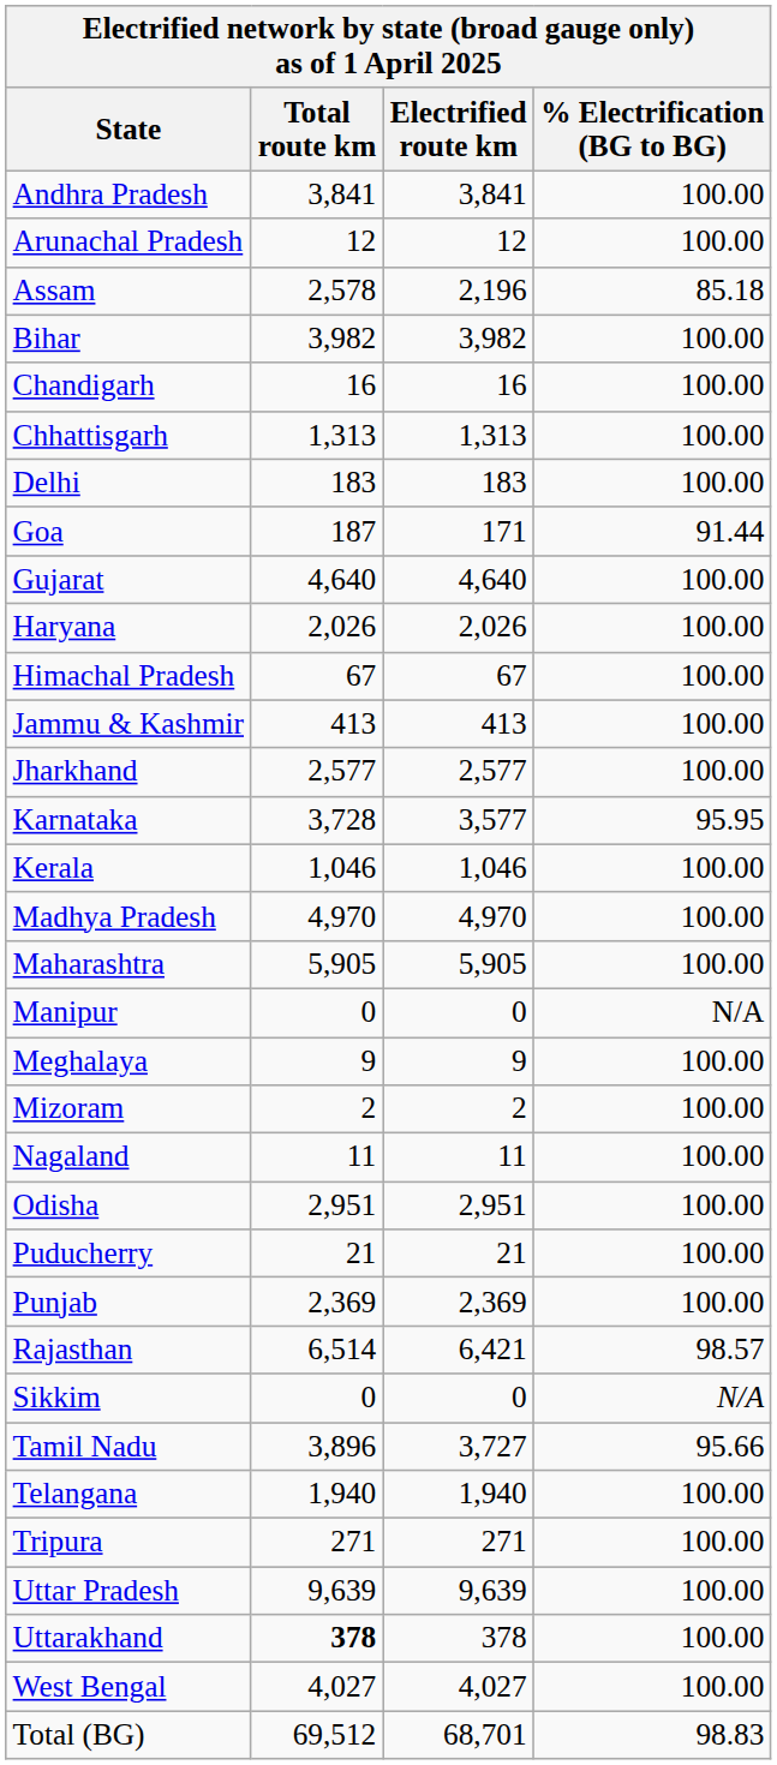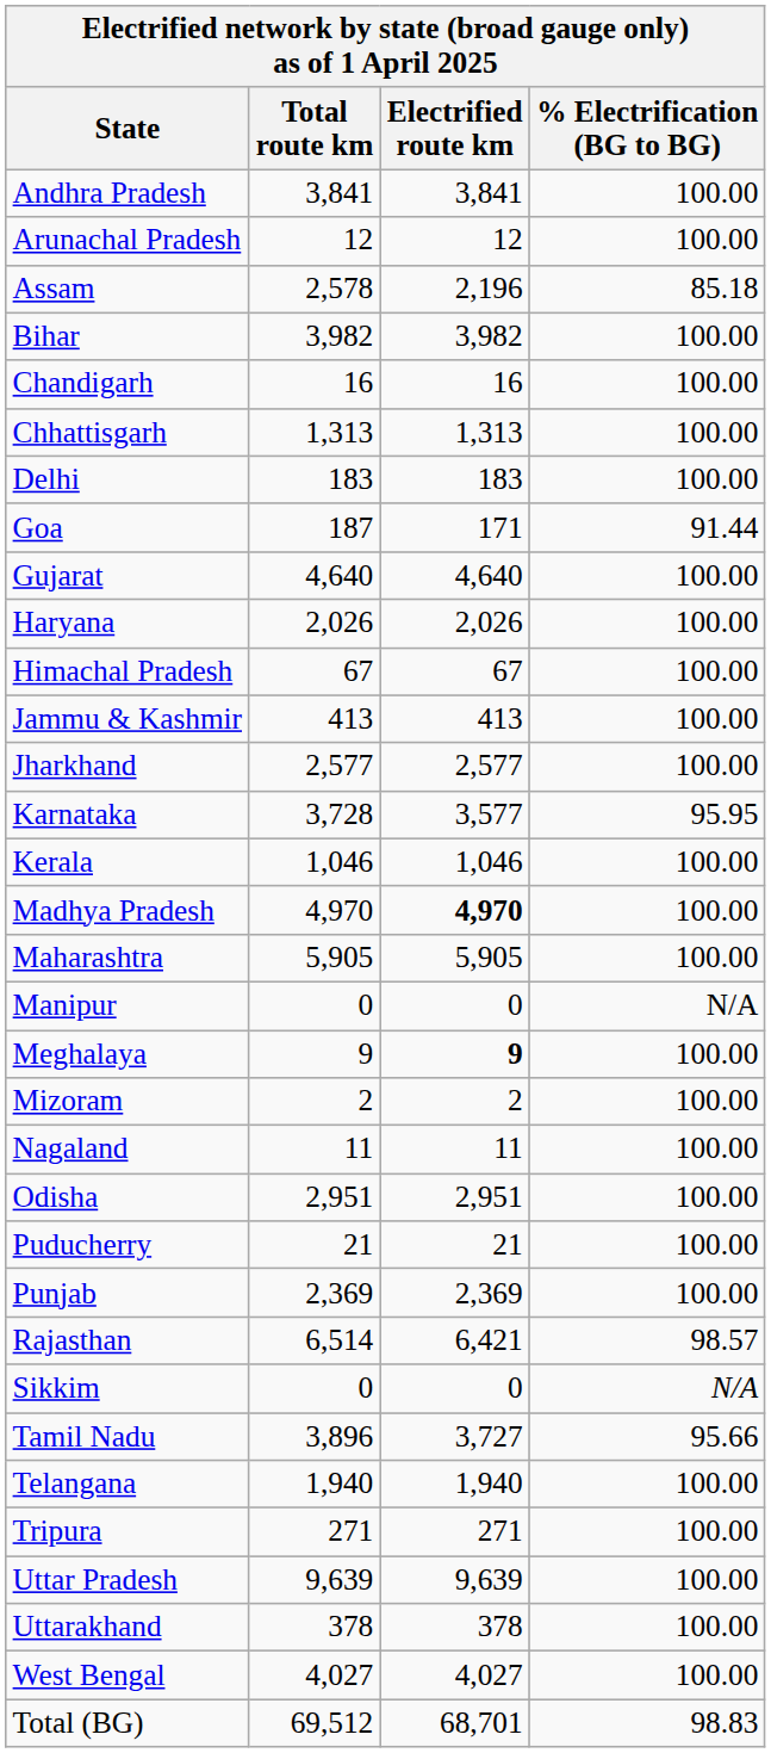 <table class="wikitable sortable" style=text-align:right>
 <tr>
 <th colspan="4">Electrified network by state (broad gauge only)<br>as of 1 April 2025</th>
 </tr>
 <tr>
 <th>State</th>
 <th>Total <br>route km</th>
 <th>Electrified <br>route km</th>
 <th>% Electrification <br>(BG to BG)</th>
 </tr>
 <tr>
 <td style=text-align:left><a href='#'>Andhra Pradesh</a></td>
 <td>3,841</td>
 <td>3,841</td>
 <td>100.00</td>
 </tr>
 <tr>
 <td style=text-align:left><a href='#'>Arunachal Pradesh</a></td>
 <td>12</td>
 <td>12</td>
 <td>100.00</td>
 </tr>
 <tr>
 <td style=text-align:left><a href='#'>Assam</a></td>
 <td>2,578</td>
 <td>2,196</td>
 <td>85.18</td>
 </tr>
 <tr>
 <td style=text-align:left><a href='#'>Bihar</a></td>
 <td>3,982</td>
 <td>3,982</td>
 <td>100.00</td>
 </tr>
 <tr>
 <td style=text-align:left><a href='#'>Chandigarh</a></td>
 <td>16</td>
 <td>16</td>
 <td>100.00</td>
 </tr>
 <tr>
 <td style=text-align:left><a href='#'>Chhattisgarh</a></td>
 <td>1,313</td>
 <td>1,313</td>
 <td>100.00</td>
 </tr>
 <tr>
 <td style=text-align:left><a href='#'>Delhi</a></td>
 <td>183</td>
 <td>183</td>
 <td>100.00</td>
 </tr>
 <tr>
 <td style=text-align:left><a href='#'>Goa</a></td>
 <td>187</td>
 <td>171</td>
 <td>91.44</td>
 </tr>
 <tr>
 <td style=text-align:left><a href='#'>Gujarat</a></td>
 <td>4,640</td>
 <td>4,640</td>
 <td>100.00</td>
 </tr>
 <tr>
 <td style=text-align:left><a href='#'>Haryana</a></td>
 <td>2,026</td>
 <td>2,026</td>
 <td>100.00</td>
 </tr>
 <tr>
 <td style=text-align:left><a href='#'>Himachal Pradesh</a></td>
 <td>67</td>
 <td>67</td>
 <td>100.00</td>
 </tr>
 <tr>
 <td style=text-align:left><a href='#'>Jammu & Kashmir</a></td>
 <td>413</td>
 <td>413</td>
 <td>100.00</td>
 </tr>
 <tr>
 <td style=text-align:left><a href='#'>Jharkhand</a></td>
 <td>2,577</td>
 <td>2,577</td>
 <td>100.00</td>
 </tr>
 <tr>
 <td style=text-align:left><a href='#'>Karnataka</a></td>
 <td>3,728</td>
 <td>3,577</td>
 <td>95.95</td>
 </tr>
 <tr>
 <td style=text-align:left><a href='#'>Kerala</a></td>
 <td>1,046</td>
 <td>1,046</td>
 <td>100.00</td>
 </tr>
 <tr>
 <td style=text-align:left><a href='#'>Madhya Pradesh</a></td>
 <td>4,970</td>
-<td>4,970</td>
+<td><strong>4,970</strong></td>
 <td>100.00</td>
 </tr>
 <tr>
 <td style=text-align:left><a href='#'>Maharashtra</a></td>
 <td>5,905</td>
 <td>5,905</td>
 <td>100.00</td>
 </tr>
 <tr>
 <td style=text-align:left><a href='#'>Manipur</a></td>
 <td>0</td>
 <td>0</td>
 <td>N/A</td>
 </tr>
 <tr>
 <td style=text-align:left><a href='#'>Meghalaya</a></td>
 <td>9</td>
-<td>9</td>
+<td><strong>9</strong></td>
 <td>100.00</td>
 </tr>
 <tr>
 <td style=text-align:left><a href='#'>Mizoram</a></td>
 <td>2</td>
 <td>2</td>
 <td>100.00</td>
 </tr>
 <tr>
 <td style=text-align:left><a href='#'>Nagaland</a></td>
 <td>11</td>
 <td>11</td>
 <td>100.00</td>
 </tr>
 <tr>
 <td style=text-align:left><a href='#'>Odisha</a></td>
 <td>2,951</td>
 <td>2,951</td>
 <td>100.00</td>
 </tr>
 <tr>
 <td style=text-align:left><a href='#'>Puducherry</a></td>
 <td>21</td>
 <td>21</td>
 <td>100.00</td>
 </tr>
 <tr>
 <td style=text-align:left><a href='#'>Punjab</a></td>
 <td>2,369</td>
 <td>2,369</td>
 <td>100.00</td>
 </tr>
 <tr>
 <td style=text-align:left><a href='#'>Rajasthan</a></td>
 <td>6,514</td>
 <td>6,421</td>
 <td>98.57</td>
 </tr>
 <tr>
 <td style=text-align:left><a href='#'>Sikkim</a></td>
 <td>0</td>
 <td>0</td>
 <td><em>N/A</em></td>
 </tr>
 <tr>
 <td style=text-align:left><a href='#'>Tamil Nadu</a></td>
 <td>3,896</td>
 <td>3,727</td>
 <td>95.66</td>
 </tr>
 <tr>
 <td style=text-align:left><a href='#'>Telangana</a></td>
 <td>1,940</td>
 <td>1,940</td>
 <td>100.00</td>
 </tr>
 <tr>
 <td style=text-align:left><a href='#'>Tripura</a></td>
 <td>271</td>
 <td>271</td>
 <td>100.00</td>
 </tr>
 <tr>
 <td style=text-align:left><a href='#'>Uttar Pradesh</a></td>
 <td>9,639</td>
 <td>9,639</td>
 <td>100.00</td>
 </tr>
 <tr>
 <td style=text-align:left><a href='#'>Uttarakhand</a></td>
-<td><strong>378</strong></td>
+<td>378</td>
 <td>378</td>
 <td>100.00</td>
 </tr>
 <tr>
 <td style=text-align:left><a href='#'>West Bengal</a></td>
 <td>4,027</td>
 <td>4,027</td>
 <td>100.00</td>
 </tr>
 <tr class=sortbottom>
 <td style=text-align:left>Total (BG)</td>
 <td>69,512</td>
 <td>68,701</td>
 <td>98.83</td>
 </tr>
 </table>
